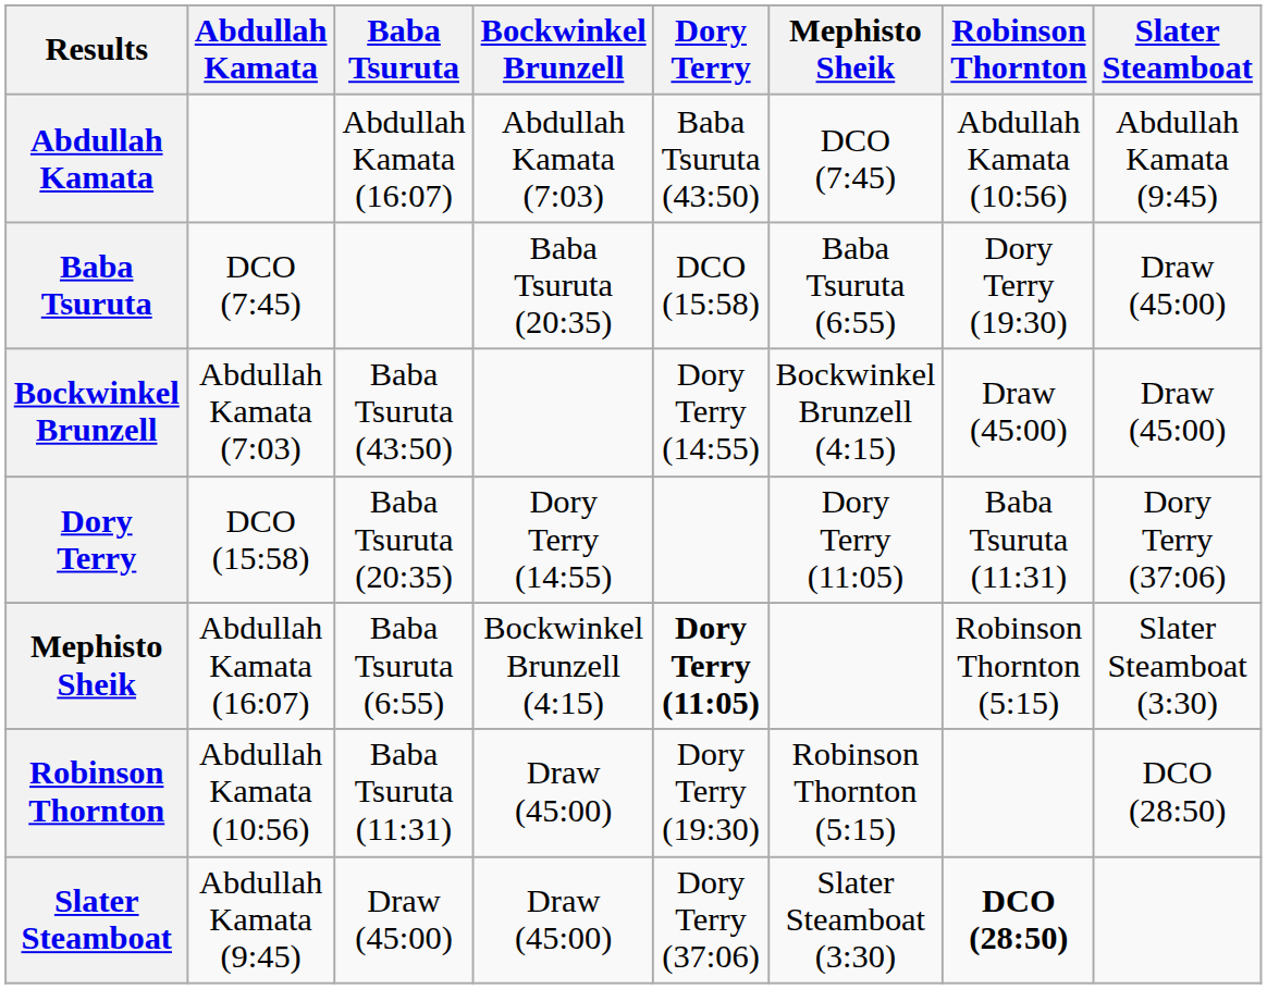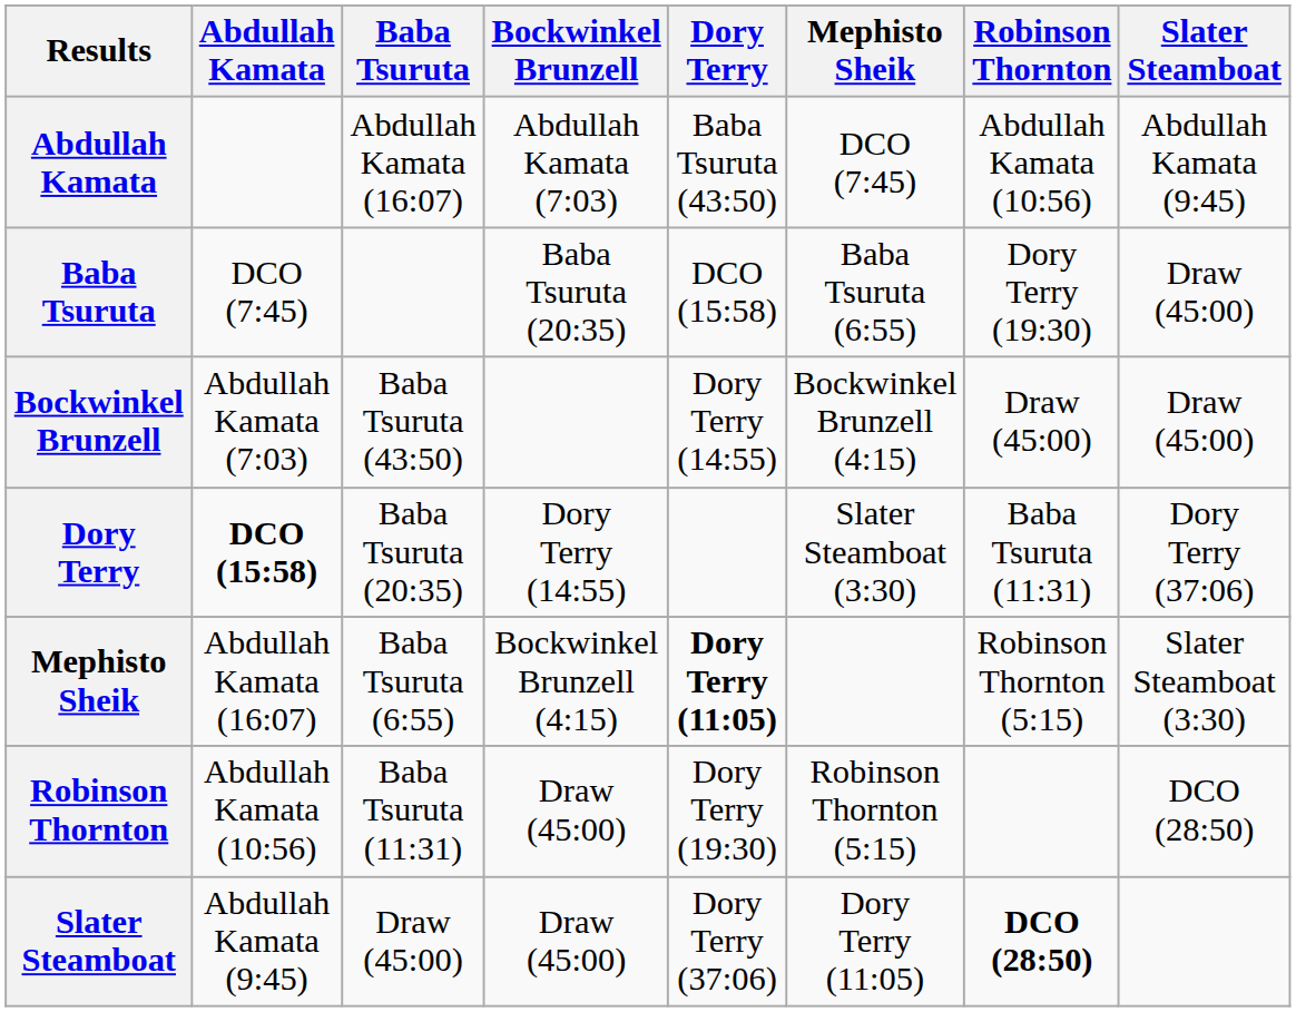 <table class="wikitable" style="text-align:center; margin: 1em auto 1em auto">
 <tr>
 <th>Results</th>
 <th><a href='#'>Abdullah</a><br><a href='#'>Kamata</a></th>
 <th><a href='#'>Baba</a><br><a href='#'>Tsuruta</a></th>
 <th><a href='#'>Bockwinkel</a><br><a href='#'>Brunzell</a></th>
 <th><a href='#'>Dory</a><br><a href='#'>Terry</a></th>
 <th>Mephisto<br><a href='#'>Sheik</a></th>
 <th><a href='#'>Robinson</a><br><a href='#'>Thornton</a></th>
 <th><a href='#'>Slater</a><br><a href='#'>Steamboat</a></th>
 </tr>
 <tr>
 <th><a href='#'>Abdullah</a><br><a href='#'>Kamata</a></th>
 <td></td>
 <td>Abdullah<br>Kamata<br>(16:07)</td>
 <td>Abdullah<br>Kamata<br>(7:03)</td>
 <td>Baba<br>Tsuruta<br>(43:50)</td>
 <td>DCO<br>(7:45)</td>
 <td>Abdullah<br>Kamata<br>(10:56)</td>
 <td>Abdullah<br>Kamata<br>(9:45)</td>
 </tr>
 <tr>
 <th><a href='#'>Baba</a><br><a href='#'>Tsuruta</a></th>
 <td>DCO<br>(7:45)</td>
 <td></td>
 <td>Baba<br>Tsuruta<br>(20:35)</td>
 <td>DCO<br>(15:58)</td>
 <td>Baba<br>Tsuruta<br>(6:55)</td>
 <td>Dory<br>Terry<br>(19:30)</td>
 <td>Draw<br>(45:00)</td>
 </tr>
 <tr>
 <th><a href='#'>Bockwinkel</a><br><a href='#'>Brunzell</a></th>
 <td>Abdullah<br>Kamata<br>(7:03)</td>
 <td>Baba<br>Tsuruta<br>(43:50)</td>
 <td></td>
 <td>Dory<br>Terry<br>(14:55)</td>
 <td>Bockwinkel<br>Brunzell<br>(4:15)</td>
 <td>Draw<br>(45:00)</td>
 <td>Draw<br>(45:00)</td>
 </tr>
 <tr>
 <th><a href='#'>Dory</a><br><a href='#'>Terry</a></th>
-<td>DCO<br>(15:58)</td>
+<td><strong>DCO<br>(15:58)</strong></td>
 <td>Baba<br>Tsuruta<br>(20:35)</td>
 <td>Dory<br>Terry<br>(14:55)</td>
 <td></td>
-<td>Dory<br>Terry<br>(11:05)</td>
+<td>Slater<br>Steamboat<br>(3:30)</td>
 <td>Baba<br>Tsuruta<br>(11:31)</td>
 <td>Dory<br>Terry<br>(37:06)</td>
 </tr>
 <tr>
 <th>Mephisto<br><a href='#'>Sheik</a></th>
 <td>Abdullah<br>Kamata<br>(16:07)</td>
 <td>Baba<br>Tsuruta<br>(6:55)</td>
 <td>Bockwinkel<br>Brunzell<br>(4:15)</td>
 <td><strong>Dory<br>Terry<br>(11:05)</strong></td>
 <td></td>
 <td>Robinson<br>Thornton<br>(5:15)</td>
 <td>Slater<br>Steamboat<br>(3:30)</td>
 </tr>
 <tr>
 <th><a href='#'>Robinson</a><br><a href='#'>Thornton</a></th>
 <td>Abdullah<br>Kamata<br>(10:56)</td>
 <td>Baba<br>Tsuruta<br>(11:31)</td>
 <td>Draw<br>(45:00)</td>
 <td>Dory<br>Terry<br>(19:30)</td>
 <td>Robinson<br>Thornton<br>(5:15)</td>
 <td></td>
 <td>DCO<br>(28:50)</td>
 </tr>
 <tr>
 <th><a href='#'>Slater</a><br><a href='#'>Steamboat</a></th>
 <td>Abdullah<br>Kamata<br>(9:45)</td>
 <td>Draw<br>(45:00)</td>
 <td>Draw<br>(45:00)</td>
 <td>Dory<br>Terry<br>(37:06)</td>
-<td>Slater<br>Steamboat<br>(3:30)</td>
+<td>Dory<br>Terry<br>(11:05)</td>
 <td><strong>DCO<br>(28:50)</strong></td>
 <td></td>
 </tr>
 </table>
